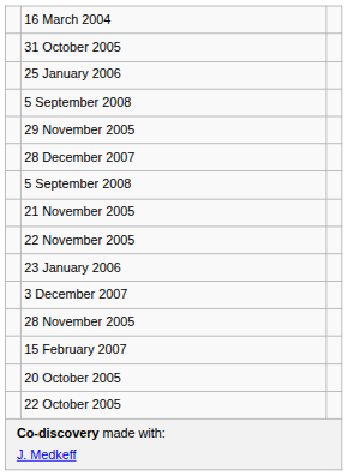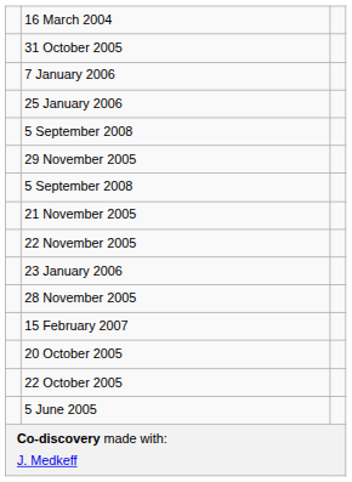 <table class="wikitable" style="font-size: 89%; float: left; width: 26em; margin-right: 1em; line-height: 1.65em !important;">
 <tr>
 <td></td>
 <td>16 March 2004</td>
 <td></td>
 </tr>
 <tr>
 <td></td>
 <td>31 October 2005</td>
+<td></td>
+</tr>
+<tr>
+<td></td>
+<td>7 January 2006</td>
 <td></td>
 </tr>
 <tr>
 <td></td>
 <td>25 January 2006</td>
 <td></td>
 </tr>
 <tr>
 <td></td>
 <td>5 September 2008</td>
 <td></td>
 </tr>
 <tr>
 <td></td>
 <td>29 November 2005</td>
-<td></td>
-</tr>
-<tr>
-<td></td>
-<td>28 December 2007</td>
 <td></td>
 </tr>
 <tr>
 <td></td>
 <td>5 September 2008</td>
 <td></td>
 </tr>
 <tr>
 <td></td>
 <td>21 November 2005</td>
 <td></td>
 </tr>
 <tr>
 <td></td>
 <td>22 November 2005</td>
 <td></td>
 </tr>
 <tr>
 <td></td>
 <td>23 January 2006</td>
 <td></td>
 </tr>
 <tr>
 <td></td>
-<td>3 December 2007</td>
-<td></td>
-</tr>
-<tr>
-<td></td>
 <td>28 November 2005</td>
 <td></td>
 </tr>
 <tr>
 <td></td>
 <td>15 February 2007</td>
 <td></td>
 </tr>
 <tr>
 <td></td>
 <td>20 October 2005</td>
 <td></td>
 </tr>
 <tr>
 <td></td>
 <td>22 October 2005</td>
 <td></td>
 </tr>
 <tr>
+<td></td>
+<td>5 June 2005</td>
+<td></td>
+</tr>
+<tr>
 <th colspan=3 style="font-weight: normal; text-align: left; padding: 4px 12px;"><strong>Co-discovery</strong> made with:<br> <a href='#'>J. Medkeff</a></th>
 </tr>
 </table>
